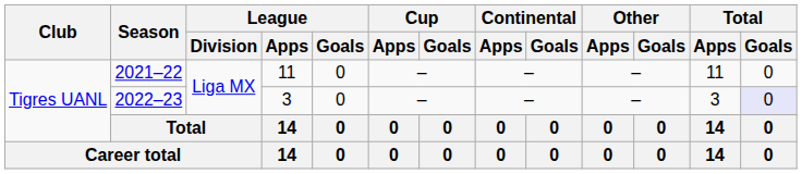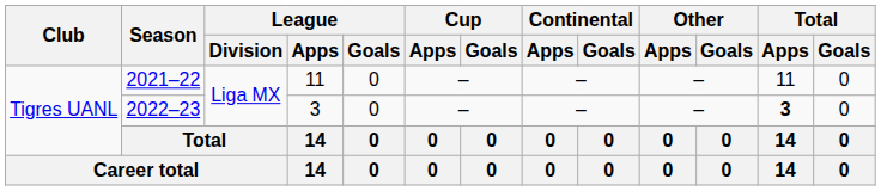 <table class="wikitable" style="text-align: center">
 <tr>
 <th rowspan="2">Club</th>
 <th rowspan="2">Season</th>
 <th colspan="3">League</th>
 <th colspan="2">Cup</th>
 <th colspan="2">Continental</th>
 <th colspan="2">Other</th>
 <th colspan="2">Total</th>
 </tr>
 <tr>
 <th>Division</th>
 <th>Apps</th>
 <th>Goals</th>
 <th>Apps</th>
 <th>Goals</th>
 <th>Apps</th>
 <th>Goals</th>
 <th>Apps</th>
 <th>Goals</th>
 <th>Apps</th>
 <th>Goals</th>
 </tr>
 <tr>
 <td rowspan="3"><a href='#'>Tigres UANL</a></td>
 <td><a href='#'>2021–22</a></td>
 <td rowspan="2"><a href='#'>Liga MX</a></td>
 <td>11</td>
 <td>0</td>
 <td colspan="2">–</td>
 <td colspan="2">–</td>
 <td colspan="2">–</td>
 <td>11</td>
 <td>0</td>
 </tr>
 <tr>
 <td><a href='#'>2022–23</a></td>
 <td>3</td>
 <td>0</td>
 <td colspan="2">–</td>
 <td colspan="2">–</td>
 <td colspan="2">–</td>
-<td>3</td>
-<td style="background: lavender;">0</td>
+<td><strong>3</strong></td>
+<td>0</td>
 </tr>
 <tr>
 <th colspan="2"><strong>Total</strong></th>
 <th>14</th>
 <th>0</th>
 <th>0</th>
 <th>0</th>
 <th>0</th>
 <th>0</th>
 <th>0</th>
 <th>0</th>
 <th>14</th>
 <th>0</th>
 </tr>
 <tr>
 <th colspan="3"><strong>Career total</strong></th>
 <th>14</th>
 <th>0</th>
 <th>0</th>
 <th>0</th>
 <th>0</th>
 <th>0</th>
 <th>0</th>
 <th>0</th>
 <th>14</th>
 <th>0</th>
 </tr>
 </table>
